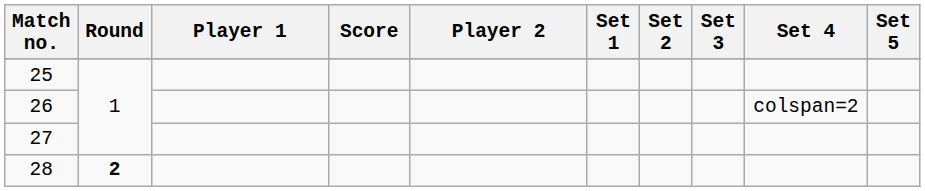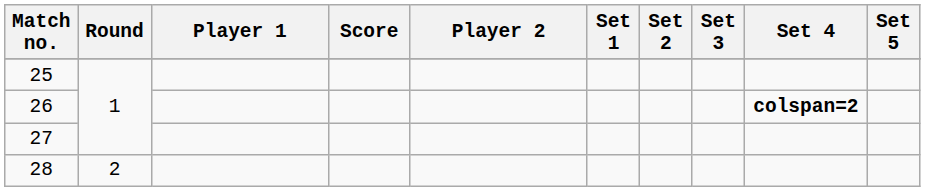 <table class="wikitable" style="text-align: center;">
 <tr>
 <th width="2%">Match no.</th>
 <th width="2%">Round</th>
 <th width="15%">Player 1</th>
 <th width="5%">Score</th>
 <th width="15%">Player 2</th>
 <th width="3%">Set 1</th>
 <th width="3%">Set 2</th>
 <th width="3%">Set 3</th>
 <th width="3%">Set 4</th>
 <th width="3%">Set 5</th>
 </tr>
 <tr>
 </tr>
 <tr style=text-align:center;>
 <td>25</td>
 <td rowspan=3>1</td>
 <td></td>
 <td></td>
 <td></td>
 <td></td>
 <td></td>
 <td></td>
 <td></td>
 <td></td>
 </tr>
 <tr style=text-align:center;>
 <td>26</td>
 <td></td>
 <td></td>
 <td></td>
 <td></td>
 <td></td>
 <td></td>
-<td>colspan=2</td>
+<td><strong>colspan=2</strong></td>
 </tr>
 <tr style=text-align:center;>
 <td>27</td>
 <td></td>
 <td></td>
 <td></td>
 <td></td>
 <td></td>
 <td></td>
 <td></td>
 <td></td>
 </tr>
 <tr style=text-align:center;>
 <td>28</td>
-<td><strong>2</strong></td>
+<td>2</td>
 <td></td>
 <td></td>
 <td></td>
 <td></td>
 <td></td>
 <td></td>
 <td></td>
 <td></td>
 </tr>
 </table>
